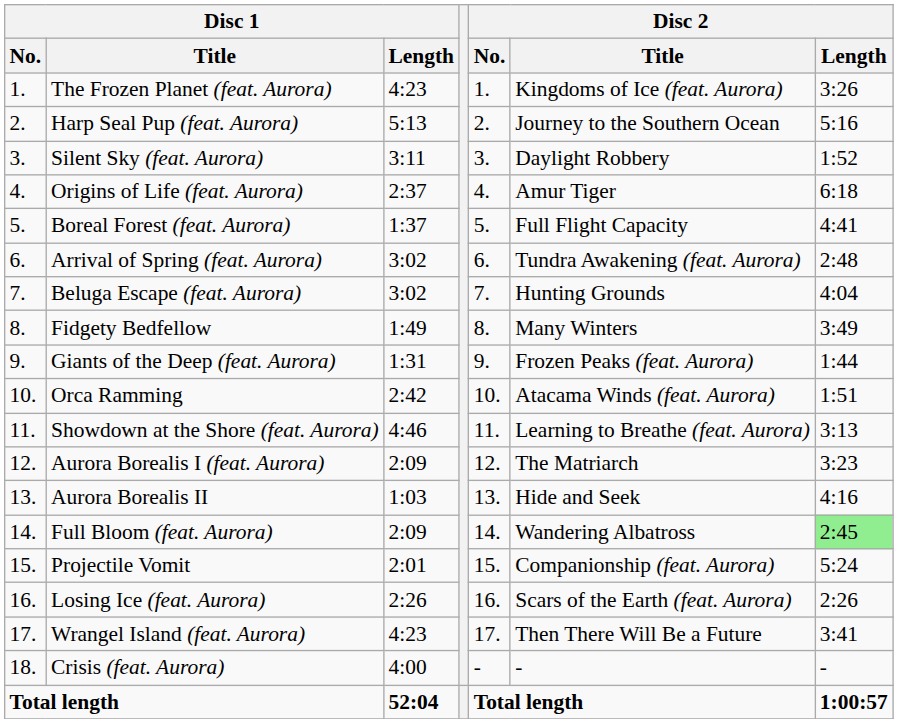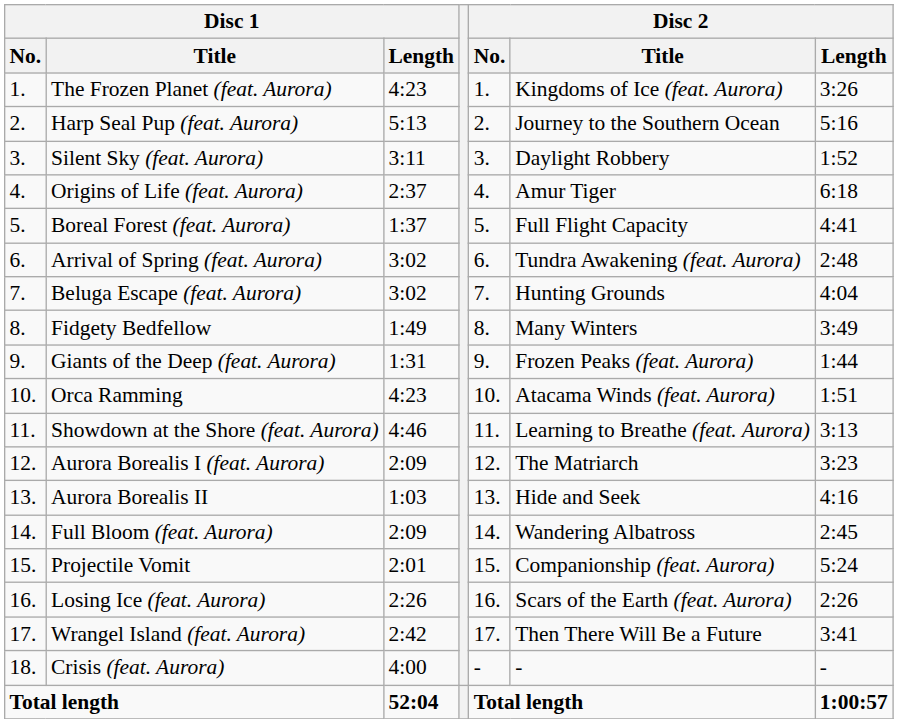 <table class="wikitable mw-collapsible mw-collapsed">
 <tr>
 <th colspan="3">Disc 1</th>
 <th rowspan="20"></th>
 <th colspan="3">Disc 2</th>
 </tr>
 <tr>
 <th><abbr>No.</abbr></th>
 <th>Title</th>
 <th>Length</th>
 <th><abbr>No.</abbr></th>
 <th>Title</th>
 <th>Length</th>
 </tr>
 <tr>
 <td>1.</td>
 <td>The Frozen Planet <em>(feat. Aurora)</em></td>
 <td>4:23</td>
 <td>1.</td>
 <td>Kingdoms of Ice <em>(feat. Aurora)</em></td>
 <td>3:26</td>
 </tr>
 <tr>
 <td>2.</td>
 <td>Harp Seal Pup <em>(feat. Aurora)</em></td>
 <td>5:13</td>
 <td>2.</td>
 <td>Journey to the Southern Ocean</td>
 <td>5:16</td>
 </tr>
 <tr>
 <td>3.</td>
 <td>Silent Sky <em>(feat. Aurora)</em></td>
 <td>3:11</td>
 <td>3.</td>
 <td>Daylight Robbery</td>
 <td>1:52</td>
 </tr>
 <tr>
 <td>4.</td>
 <td>Origins of Life <em>(feat. Aurora)</em></td>
 <td>2:37</td>
 <td>4.</td>
 <td>Amur Tiger</td>
 <td>6:18</td>
 </tr>
 <tr>
 <td>5.</td>
 <td>Boreal Forest <em>(feat. Aurora)</em></td>
 <td>1:37</td>
 <td>5.</td>
 <td>Full Flight Capacity</td>
 <td>4:41</td>
 </tr>
 <tr>
 <td>6.</td>
 <td>Arrival of Spring <em>(feat. Aurora)</em></td>
 <td>3:02</td>
 <td>6.</td>
 <td>Tundra Awakening <em>(feat. Aurora)</em></td>
 <td>2:48</td>
 </tr>
 <tr>
 <td>7.</td>
 <td>Beluga Escape <em>(feat. Aurora)</em></td>
 <td>3:02</td>
 <td>7.</td>
 <td>Hunting Grounds</td>
 <td>4:04</td>
 </tr>
 <tr>
 <td>8.</td>
 <td>Fidgety Bedfellow</td>
 <td>1:49</td>
 <td>8.</td>
 <td>Many Winters</td>
 <td>3:49</td>
 </tr>
 <tr>
 <td>9.</td>
 <td>Giants of the Deep <em>(feat. Aurora)</em></td>
 <td>1:31</td>
 <td>9.</td>
 <td>Frozen Peaks <em>(feat. Aurora)</em></td>
 <td>1:44</td>
 </tr>
 <tr>
 <td>10.</td>
 <td>Orca Ramming</td>
-<td>2:42</td>
+<td>4:23</td>
 <td>10.</td>
 <td>Atacama Winds <em>(feat. Aurora)</em></td>
 <td>1:51</td>
 </tr>
 <tr>
 <td>11.</td>
 <td>Showdown at the Shore <em>(feat. Aurora)</em></td>
 <td>4:46</td>
 <td>11.</td>
 <td>Learning to Breathe <em>(feat. Aurora)</em></td>
 <td>3:13</td>
 </tr>
 <tr>
 <td>12.</td>
 <td>Aurora Borealis I <em>(feat. Aurora)</em></td>
 <td>2:09</td>
 <td>12.</td>
 <td>The Matriarch</td>
 <td>3:23</td>
 </tr>
 <tr>
 <td>13.</td>
 <td>Aurora Borealis II</td>
 <td>1:03</td>
 <td>13.</td>
 <td>Hide and Seek</td>
 <td>4:16</td>
 </tr>
 <tr>
 <td>14.</td>
 <td>Full Bloom <em>(feat. Aurora)</em></td>
 <td>2:09</td>
 <td>14.</td>
 <td>Wandering Albatross</td>
-<td style="background: lightgreen;">2:45</td>
+<td>2:45</td>
 </tr>
 <tr>
 <td>15.</td>
 <td>Projectile Vomit</td>
 <td>2:01</td>
 <td>15.</td>
 <td>Companionship <em>(feat. Aurora)</em></td>
 <td>5:24</td>
 </tr>
 <tr>
 <td>16.</td>
 <td>Losing Ice <em>(feat. Aurora)</em></td>
 <td>2:26</td>
 <td>16.</td>
 <td>Scars of the Earth <em>(feat. Aurora)</em></td>
 <td>2:26</td>
 </tr>
 <tr>
 <td>17.</td>
 <td>Wrangel Island <em>(feat. Aurora)</em></td>
-<td>4:23</td>
+<td>2:42</td>
 <td>17.</td>
 <td>Then There Will Be a Future</td>
 <td>3:41</td>
 </tr>
 <tr>
 <td>18.</td>
 <td>Crisis <em>(feat. Aurora)</em></td>
 <td>4:00</td>
 <td>-</td>
 <td>-</td>
 <td>-</td>
 </tr>
 <tr>
 <td colspan="2"><strong>Total length</strong></td>
 <td><strong>52:04</strong></td>
 <th></th>
 <td colspan="2"><strong>Total length</strong></td>
 <td><strong>1:00:57</strong></td>
 </tr>
 </table>
